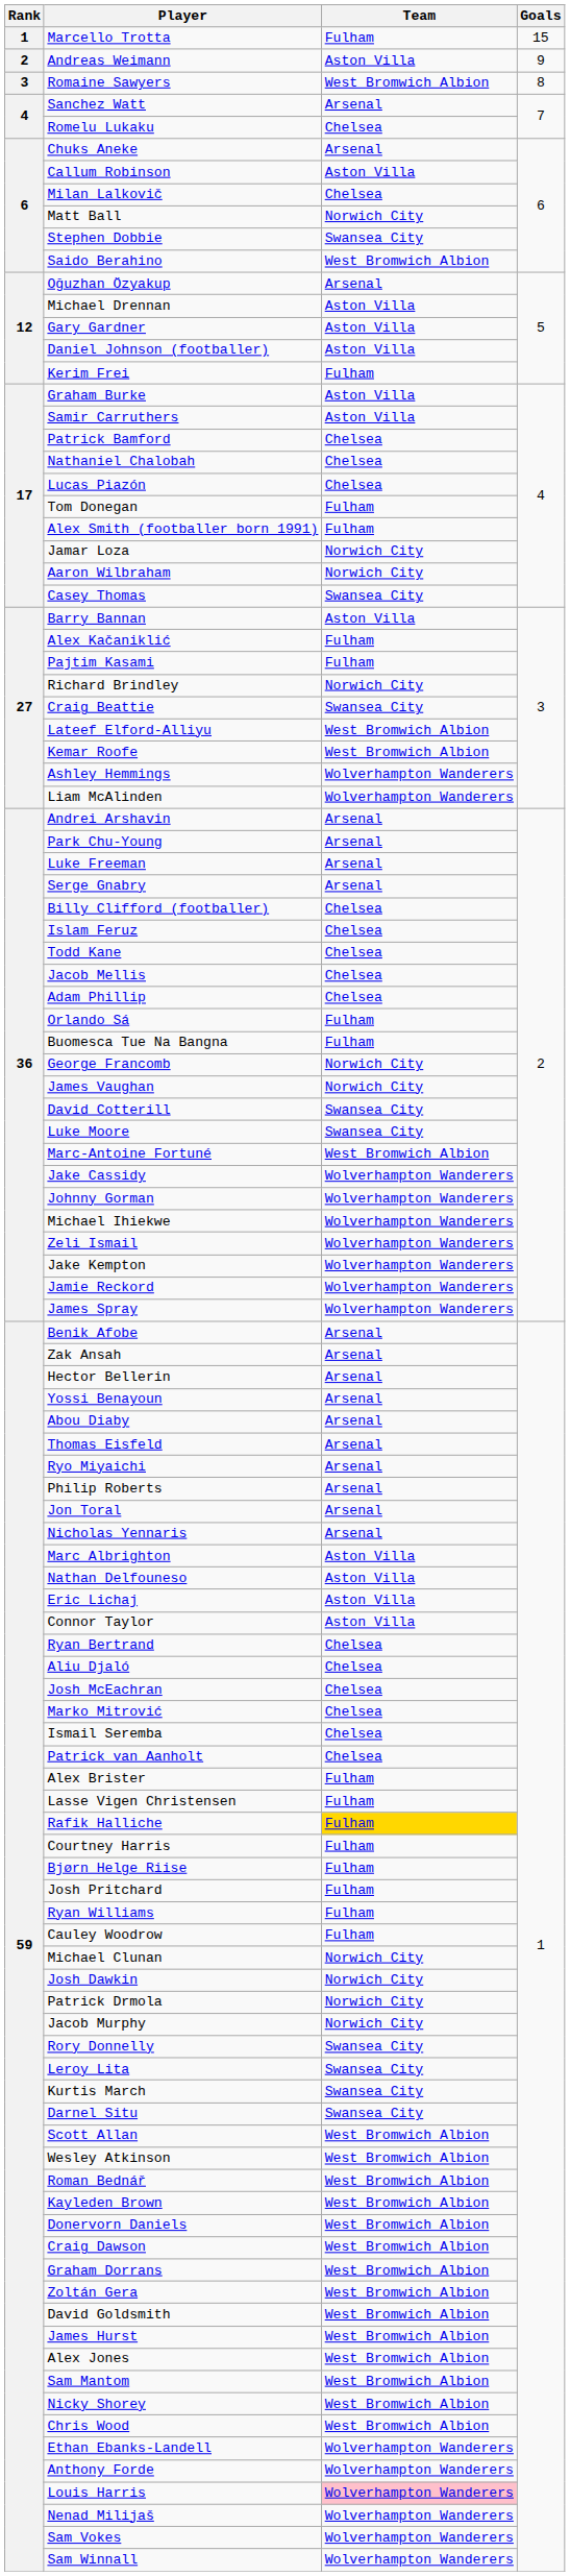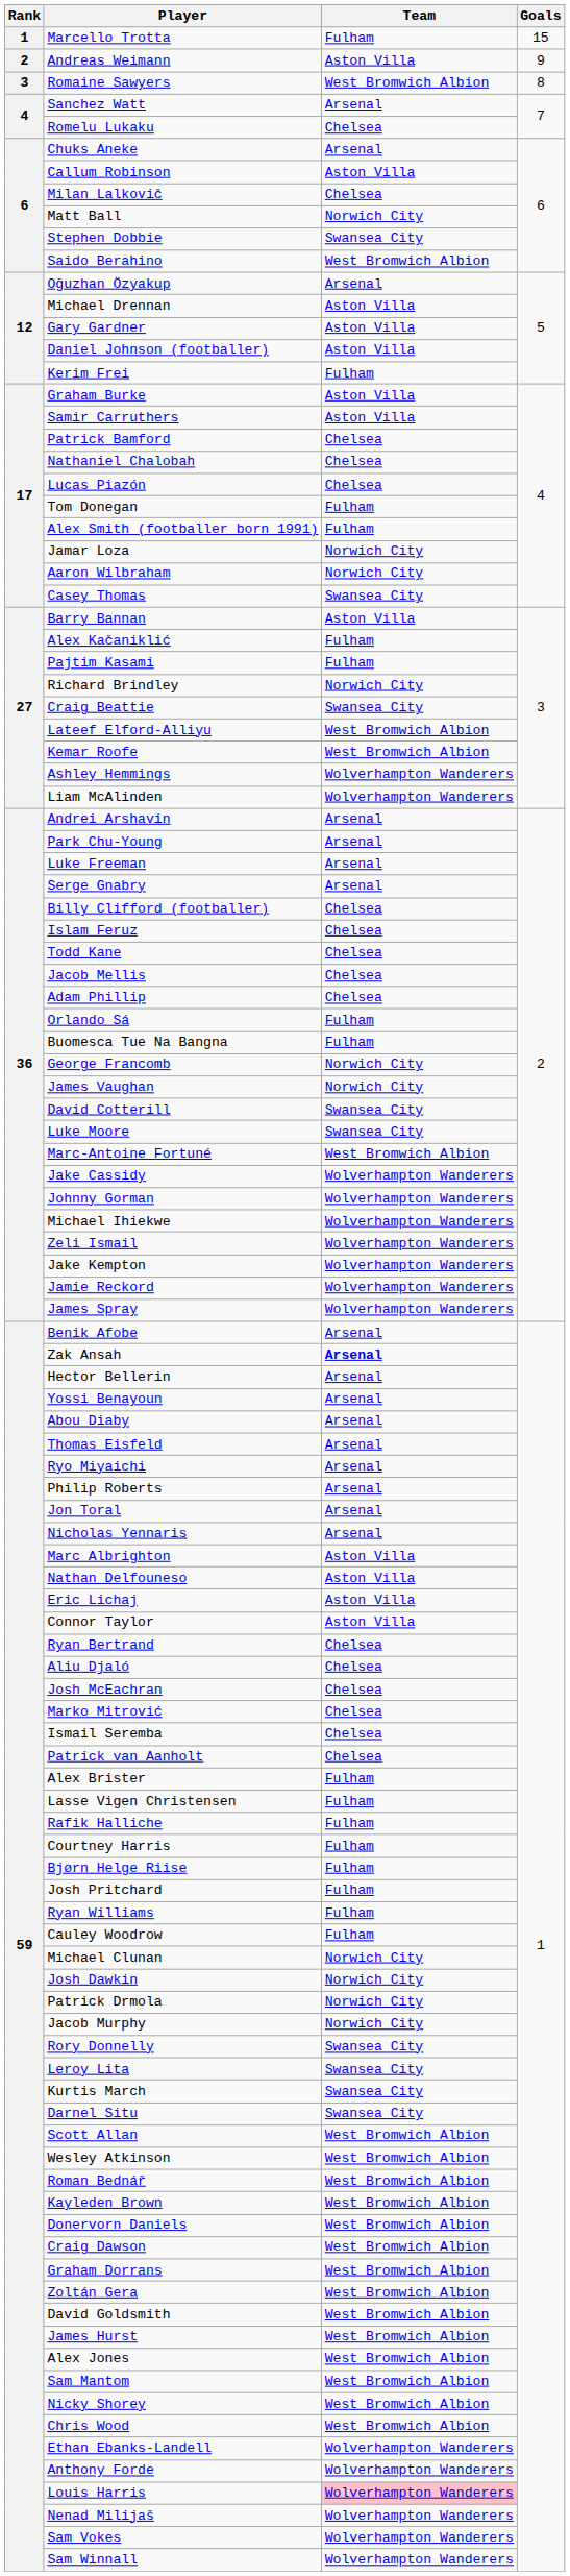 <table class="wikitable" style="text-align:center">
 <tr>
 <th>Rank</th>
 <th>Player</th>
 <th>Team</th>
 <th>Goals</th>
 </tr>
 <tr>
 <th rowspan="1">1</th>
 <td align="left"> <a href='#'>Marcello Trotta</a></td>
 <td align="left"><a href='#'>Fulham</a></td>
 <td rowspan="1">15</td>
 </tr>
 <tr>
 <th rowspan="1">2</th>
 <td align="left"> <a href='#'>Andreas Weimann</a></td>
 <td align="left"><a href='#'>Aston Villa</a></td>
 <td rowspan="1">9</td>
 </tr>
 <tr>
 <th rowspan="1">3</th>
 <td align="left"> <a href='#'>Romaine Sawyers</a></td>
 <td align="left"><a href='#'>West Bromwich Albion</a></td>
 <td rowspan="1">8</td>
 </tr>
 <tr>
 <th rowspan="2">4</th>
 <td align="left"> <a href='#'>Sanchez Watt</a></td>
 <td align="left"><a href='#'>Arsenal</a></td>
 <td rowspan="2">7</td>
 </tr>
 <tr>
 <td align="left"> <a href='#'>Romelu Lukaku</a></td>
 <td align="left"><a href='#'>Chelsea</a></td>
 </tr>
 <tr>
 <th rowspan="6">6</th>
 <td align="left"> <a href='#'>Chuks Aneke</a></td>
 <td align="left"><a href='#'>Arsenal</a></td>
 <td rowspan="6">6</td>
 </tr>
 <tr>
 <td align="left"> <a href='#'>Callum Robinson</a></td>
 <td align="left"><a href='#'>Aston Villa</a></td>
 </tr>
 <tr>
 <td align="left"> <a href='#'>Milan Lalkovič</a></td>
 <td align="left"><a href='#'>Chelsea</a></td>
 </tr>
 <tr>
 <td align="left"> Matt Ball</td>
 <td align="left"><a href='#'>Norwich City</a></td>
 </tr>
 <tr>
 <td align="left"> <a href='#'>Stephen Dobbie</a></td>
 <td align="left"><a href='#'>Swansea City</a></td>
 </tr>
 <tr>
 <td align="left"> <a href='#'>Saido Berahino</a></td>
 <td align="left"><a href='#'>West Bromwich Albion</a></td>
 </tr>
 <tr>
 <th rowspan="5">12</th>
 <td align="left"> <a href='#'>Oğuzhan Özyakup</a></td>
 <td align="left"><a href='#'>Arsenal</a></td>
 <td rowspan="5">5</td>
 </tr>
 <tr>
 <td align="left"> Michael Drennan</td>
 <td align="left"><a href='#'>Aston Villa</a></td>
 </tr>
 <tr>
 <td align="left"> <a href='#'>Gary Gardner</a></td>
 <td align="left"><a href='#'>Aston Villa</a></td>
 </tr>
 <tr>
 <td align="left"> <a href='#'>Daniel Johnson (footballer)</a></td>
 <td align="left"><a href='#'>Aston Villa</a></td>
 </tr>
 <tr>
 <td align="left"> <a href='#'>Kerim Frei</a></td>
 <td align="left"><a href='#'>Fulham</a></td>
 </tr>
 <tr>
 <th rowspan="10">17</th>
 <td align="left"> <a href='#'>Graham Burke</a></td>
 <td align="left"><a href='#'>Aston Villa</a></td>
 <td rowspan="10">4</td>
 </tr>
 <tr>
 <td align="left"> <a href='#'>Samir Carruthers</a></td>
 <td align="left"><a href='#'>Aston Villa</a></td>
 </tr>
 <tr>
 <td align="left"> <a href='#'>Patrick Bamford</a></td>
 <td align="left"><a href='#'>Chelsea</a></td>
 </tr>
 <tr>
 <td align="left"> <a href='#'>Nathaniel Chalobah</a></td>
 <td align="left"><a href='#'>Chelsea</a></td>
 </tr>
 <tr>
 <td align="left"> <a href='#'>Lucas Piazón</a></td>
 <td align="left"><a href='#'>Chelsea</a></td>
 </tr>
 <tr>
 <td align="left"> Tom Donegan</td>
 <td align="left"><a href='#'>Fulham</a></td>
 </tr>
 <tr>
 <td align="left"> <a href='#'>Alex Smith (footballer born 1991)</a></td>
 <td align="left"><a href='#'>Fulham</a></td>
 </tr>
 <tr>
 <td align="left"> Jamar Loza</td>
 <td align="left"><a href='#'>Norwich City</a></td>
 </tr>
 <tr>
 <td align="left"> <a href='#'>Aaron Wilbraham</a></td>
 <td align="left"><a href='#'>Norwich City</a></td>
 </tr>
 <tr>
 <td align="left"> <a href='#'>Casey Thomas</a></td>
 <td align="left"><a href='#'>Swansea City</a></td>
 </tr>
 <tr>
 <th rowspan="9">27</th>
 <td align="left"> <a href='#'>Barry Bannan</a></td>
 <td align="left"><a href='#'>Aston Villa</a></td>
 <td rowspan="9">3</td>
 </tr>
 <tr>
 <td align="left"> <a href='#'>Alex Kačaniklić</a></td>
 <td align="left"><a href='#'>Fulham</a></td>
 </tr>
 <tr>
 <td align="left"> <a href='#'>Pajtim Kasami</a></td>
 <td align="left"><a href='#'>Fulham</a></td>
 </tr>
 <tr>
 <td align="left"> Richard Brindley</td>
 <td align="left"><a href='#'>Norwich City</a></td>
 </tr>
 <tr>
 <td align="left"> <a href='#'>Craig Beattie</a></td>
 <td align="left"><a href='#'>Swansea City</a></td>
 </tr>
 <tr>
 <td align="left"> <a href='#'>Lateef Elford-Alliyu</a></td>
 <td align="left"><a href='#'>West Bromwich Albion</a></td>
 </tr>
 <tr>
 <td align="left"> <a href='#'>Kemar Roofe</a></td>
 <td align="left"><a href='#'>West Bromwich Albion</a></td>
 </tr>
 <tr>
 <td align="left"> <a href='#'>Ashley Hemmings</a></td>
 <td align="left"><a href='#'>Wolverhampton Wanderers</a></td>
 </tr>
 <tr>
 <td align="left"> Liam McAlinden</td>
 <td align="left"><a href='#'>Wolverhampton Wanderers</a></td>
 </tr>
 <tr>
 <th rowspan="23">36</th>
 <td align="left"> <a href='#'>Andrei Arshavin</a></td>
 <td align="left"><a href='#'>Arsenal</a></td>
 <td rowspan="23">2</td>
 </tr>
 <tr>
 <td align="left"> <a href='#'>Park Chu-Young</a></td>
 <td align="left"><a href='#'>Arsenal</a></td>
 </tr>
 <tr>
 <td align="left"> <a href='#'>Luke Freeman</a></td>
 <td align="left"><a href='#'>Arsenal</a></td>
 </tr>
 <tr>
 <td align="left"> <a href='#'>Serge Gnabry</a></td>
 <td align="left"><a href='#'>Arsenal</a></td>
 </tr>
 <tr>
 <td align="left"> <a href='#'>Billy Clifford (footballer)</a></td>
 <td align="left"><a href='#'>Chelsea</a></td>
 </tr>
 <tr>
 <td align="left"> <a href='#'>Islam Feruz</a></td>
 <td align="left"><a href='#'>Chelsea</a></td>
 </tr>
 <tr>
 <td align="left"> <a href='#'>Todd Kane</a></td>
 <td align="left"><a href='#'>Chelsea</a></td>
 </tr>
 <tr>
 <td align="left"> <a href='#'>Jacob Mellis</a></td>
 <td align="left"><a href='#'>Chelsea</a></td>
 </tr>
 <tr>
 <td align="left"> <a href='#'>Adam Phillip</a></td>
 <td align="left"><a href='#'>Chelsea</a></td>
 </tr>
 <tr>
 <td align="left"> <a href='#'>Orlando Sá</a></td>
 <td align="left"><a href='#'>Fulham</a></td>
 </tr>
 <tr>
 <td align="left"> Buomesca Tue Na Bangna</td>
 <td align="left"><a href='#'>Fulham</a></td>
 </tr>
 <tr>
 <td align="left"> <a href='#'>George Francomb</a></td>
 <td align="left"><a href='#'>Norwich City</a></td>
 </tr>
 <tr>
 <td align="left"> <a href='#'>James Vaughan</a></td>
 <td align="left"><a href='#'>Norwich City</a></td>
 </tr>
 <tr>
 <td align="left"> <a href='#'>David Cotterill</a></td>
 <td align="left"><a href='#'>Swansea City</a></td>
 </tr>
 <tr>
 <td align="left"> <a href='#'>Luke Moore</a></td>
 <td align="left"><a href='#'>Swansea City</a></td>
 </tr>
 <tr>
 <td align="left"> <a href='#'>Marc-Antoine Fortuné</a></td>
 <td align="left"><a href='#'>West Bromwich Albion</a></td>
 </tr>
 <tr>
 <td align="left"> <a href='#'>Jake Cassidy</a></td>
 <td align="left"><a href='#'>Wolverhampton Wanderers</a></td>
 </tr>
 <tr>
 <td align="left"> <a href='#'>Johnny Gorman</a></td>
 <td align="left"><a href='#'>Wolverhampton Wanderers</a></td>
 </tr>
 <tr>
 <td align="left"> Michael Ihiekwe</td>
 <td align="left"><a href='#'>Wolverhampton Wanderers</a></td>
 </tr>
 <tr>
 <td align="left"> <a href='#'>Zeli Ismail</a></td>
 <td align="left"><a href='#'>Wolverhampton Wanderers</a></td>
 </tr>
 <tr>
 <td align="left"> Jake Kempton</td>
 <td align="left"><a href='#'>Wolverhampton Wanderers</a></td>
 </tr>
 <tr>
 <td align="left"> <a href='#'>Jamie Reckord</a></td>
 <td align="left"><a href='#'>Wolverhampton Wanderers</a></td>
 </tr>
 <tr>
 <td align="left"> <a href='#'>James Spray</a></td>
 <td align="left"><a href='#'>Wolverhampton Wanderers</a></td>
 </tr>
 <tr>
 <th rowspan="56">59</th>
 <td align="left"> <a href='#'>Benik Afobe</a></td>
 <td align="left"><a href='#'>Arsenal</a></td>
 <td rowspan="56">1</td>
 </tr>
 <tr>
 <td align="left"> Zak Ansah</td>
-<td align="left"><a href='#'>Arsenal</a></td>
+<td align="left"><strong><a href='#'>Arsenal</a></strong></td>
 </tr>
 <tr>
 <td align="left"> Hector Bellerin</td>
 <td align="left"><a href='#'>Arsenal</a></td>
 </tr>
 <tr>
 <td align="left"> <a href='#'>Yossi Benayoun</a></td>
 <td align="left"><a href='#'>Arsenal</a></td>
 </tr>
 <tr>
 <td align="left"> <a href='#'>Abou Diaby</a></td>
 <td align="left"><a href='#'>Arsenal</a></td>
 </tr>
 <tr>
 <td align="left"> <a href='#'>Thomas Eisfeld</a></td>
 <td align="left"><a href='#'>Arsenal</a></td>
 </tr>
 <tr>
 <td align="left"> <a href='#'>Ryo Miyaichi</a></td>
 <td align="left"><a href='#'>Arsenal</a></td>
 </tr>
 <tr>
 <td align="left"> Philip Roberts</td>
 <td align="left"><a href='#'>Arsenal</a></td>
 </tr>
 <tr>
 <td align="left"> <a href='#'>Jon Toral</a></td>
 <td align="left"><a href='#'>Arsenal</a></td>
 </tr>
 <tr>
 <td align="left"> <a href='#'>Nicholas Yennaris</a></td>
 <td align="left"><a href='#'>Arsenal</a></td>
 </tr>
 <tr>
 <td align="left"> <a href='#'>Marc Albrighton</a></td>
 <td align="left"><a href='#'>Aston Villa</a></td>
 </tr>
 <tr>
 <td align="left"> <a href='#'>Nathan Delfouneso</a></td>
 <td align="left"><a href='#'>Aston Villa</a></td>
 </tr>
 <tr>
 <td align="left"> <a href='#'>Eric Lichaj</a></td>
 <td align="left"><a href='#'>Aston Villa</a></td>
 </tr>
 <tr>
 <td align="left"> Connor Taylor</td>
 <td align="left"><a href='#'>Aston Villa</a></td>
 </tr>
 <tr>
 <td align="left"> <a href='#'>Ryan Bertrand</a></td>
 <td align="left"><a href='#'>Chelsea</a></td>
 </tr>
 <tr>
 <td align="left"> <a href='#'>Aliu Djaló</a></td>
 <td align="left"><a href='#'>Chelsea</a></td>
 </tr>
 <tr>
 <td align="left"> <a href='#'>Josh McEachran</a></td>
 <td align="left"><a href='#'>Chelsea</a></td>
 </tr>
 <tr>
 <td align="left"> <a href='#'>Marko Mitrović</a></td>
 <td align="left"><a href='#'>Chelsea</a></td>
 </tr>
 <tr>
 <td align="left"> Ismail Seremba</td>
 <td align="left"><a href='#'>Chelsea</a></td>
 </tr>
 <tr>
 <td align="left"> <a href='#'>Patrick van Aanholt</a></td>
 <td align="left"><a href='#'>Chelsea</a></td>
 </tr>
 <tr>
 <td align="left"> Alex Brister</td>
 <td align="left"><a href='#'>Fulham</a></td>
 </tr>
 <tr>
 <td align="left"> Lasse Vigen Christensen</td>
 <td align="left"><a href='#'>Fulham</a></td>
 </tr>
 <tr>
 <td align="left"> <a href='#'>Rafik Halliche</a></td>
-<td align="left" style="background: gold;"><a href='#'>Fulham</a></td>
+<td align="left"><a href='#'>Fulham</a></td>
 </tr>
 <tr>
 <td align="left"> Courtney Harris</td>
 <td align="left"><a href='#'>Fulham</a></td>
 </tr>
 <tr>
 <td align="left"> <a href='#'>Bjørn Helge Riise</a></td>
 <td align="left"><a href='#'>Fulham</a></td>
 </tr>
 <tr>
 <td align="left"> Josh Pritchard</td>
 <td align="left"><a href='#'>Fulham</a></td>
 </tr>
 <tr>
 <td align="left"> <a href='#'>Ryan Williams</a></td>
 <td align="left"><a href='#'>Fulham</a></td>
 </tr>
 <tr>
 <td align="left"> Cauley Woodrow</td>
 <td align="left"><a href='#'>Fulham</a></td>
 </tr>
 <tr>
 <td align="left"> Michael Clunan</td>
 <td align="left"><a href='#'>Norwich City</a></td>
 </tr>
 <tr>
 <td align="left"> <a href='#'>Josh Dawkin</a></td>
 <td align="left"><a href='#'>Norwich City</a></td>
 </tr>
 <tr>
 <td align="left"> Patrick Drmola</td>
 <td align="left"><a href='#'>Norwich City</a></td>
 </tr>
 <tr>
 <td align="left"> Jacob Murphy</td>
 <td align="left"><a href='#'>Norwich City</a></td>
 </tr>
 <tr>
 <td align="left"> <a href='#'>Rory Donnelly</a></td>
 <td align="left"><a href='#'>Swansea City</a></td>
 </tr>
 <tr>
 <td align="left"> <a href='#'>Leroy Lita</a></td>
 <td align="left"><a href='#'>Swansea City</a></td>
 </tr>
 <tr>
 <td align="left"> Kurtis March</td>
 <td align="left"><a href='#'>Swansea City</a></td>
 </tr>
 <tr>
 <td align="left"> <a href='#'>Darnel Situ</a></td>
 <td align="left"><a href='#'>Swansea City</a></td>
 </tr>
 <tr>
 <td align="left"> <a href='#'>Scott Allan</a></td>
 <td align="left"><a href='#'>West Bromwich Albion</a></td>
 </tr>
 <tr>
 <td align="left"> Wesley Atkinson</td>
 <td align="left"><a href='#'>West Bromwich Albion</a></td>
 </tr>
 <tr>
 <td align="left"> <a href='#'>Roman Bednář</a></td>
 <td align="left"><a href='#'>West Bromwich Albion</a></td>
 </tr>
 <tr>
 <td align="left"> <a href='#'>Kayleden Brown</a></td>
 <td align="left"><a href='#'>West Bromwich Albion</a></td>
 </tr>
 <tr>
 <td align="left"> <a href='#'>Donervorn Daniels</a></td>
 <td align="left"><a href='#'>West Bromwich Albion</a></td>
 </tr>
 <tr>
 <td align="left"> <a href='#'>Craig Dawson</a></td>
 <td align="left"><a href='#'>West Bromwich Albion</a></td>
 </tr>
 <tr>
 <td align="left"> <a href='#'>Graham Dorrans</a></td>
 <td align="left"><a href='#'>West Bromwich Albion</a></td>
 </tr>
 <tr>
 <td align="left"> <a href='#'>Zoltán Gera</a></td>
 <td align="left"><a href='#'>West Bromwich Albion</a></td>
 </tr>
 <tr>
 <td align="left"> David Goldsmith</td>
 <td align="left"><a href='#'>West Bromwich Albion</a></td>
 </tr>
 <tr>
 <td align="left"> <a href='#'>James Hurst</a></td>
 <td align="left"><a href='#'>West Bromwich Albion</a></td>
 </tr>
 <tr>
 <td align="left"> Alex Jones</td>
 <td align="left"><a href='#'>West Bromwich Albion</a></td>
 </tr>
 <tr>
 <td align="left"><a href='#'>Sam Mantom</a></td>
 <td align="left"><a href='#'>West Bromwich Albion</a></td>
 </tr>
 <tr>
 <td align="left"><a href='#'>Nicky Shorey</a></td>
 <td align="left"><a href='#'>West Bromwich Albion</a></td>
 </tr>
 <tr>
 <td align="left"> <a href='#'>Chris Wood</a></td>
 <td align="left"><a href='#'>West Bromwich Albion</a></td>
 </tr>
 <tr>
 <td align="left"> <a href='#'>Ethan Ebanks-Landell</a></td>
 <td align="left"><a href='#'>Wolverhampton Wanderers</a></td>
 </tr>
 <tr>
 <td align="left"> <a href='#'>Anthony Forde</a></td>
 <td align="left"><a href='#'>Wolverhampton Wanderers</a></td>
 </tr>
 <tr>
 <td align="left"> <a href='#'>Louis Harris</a></td>
 <td align="left" style="background: pink;"><a href='#'>Wolverhampton Wanderers</a></td>
 </tr>
 <tr>
 <td align="left"> <a href='#'>Nenad Milijaš</a></td>
 <td align="left"><a href='#'>Wolverhampton Wanderers</a></td>
 </tr>
 <tr>
 <td align="left"> <a href='#'>Sam Vokes</a></td>
 <td align="left"><a href='#'>Wolverhampton Wanderers</a></td>
 </tr>
 <tr>
 <td align="left"> <a href='#'>Sam Winnall</a></td>
 <td align="left"><a href='#'>Wolverhampton Wanderers</a></td>
 </tr>
 </table>
